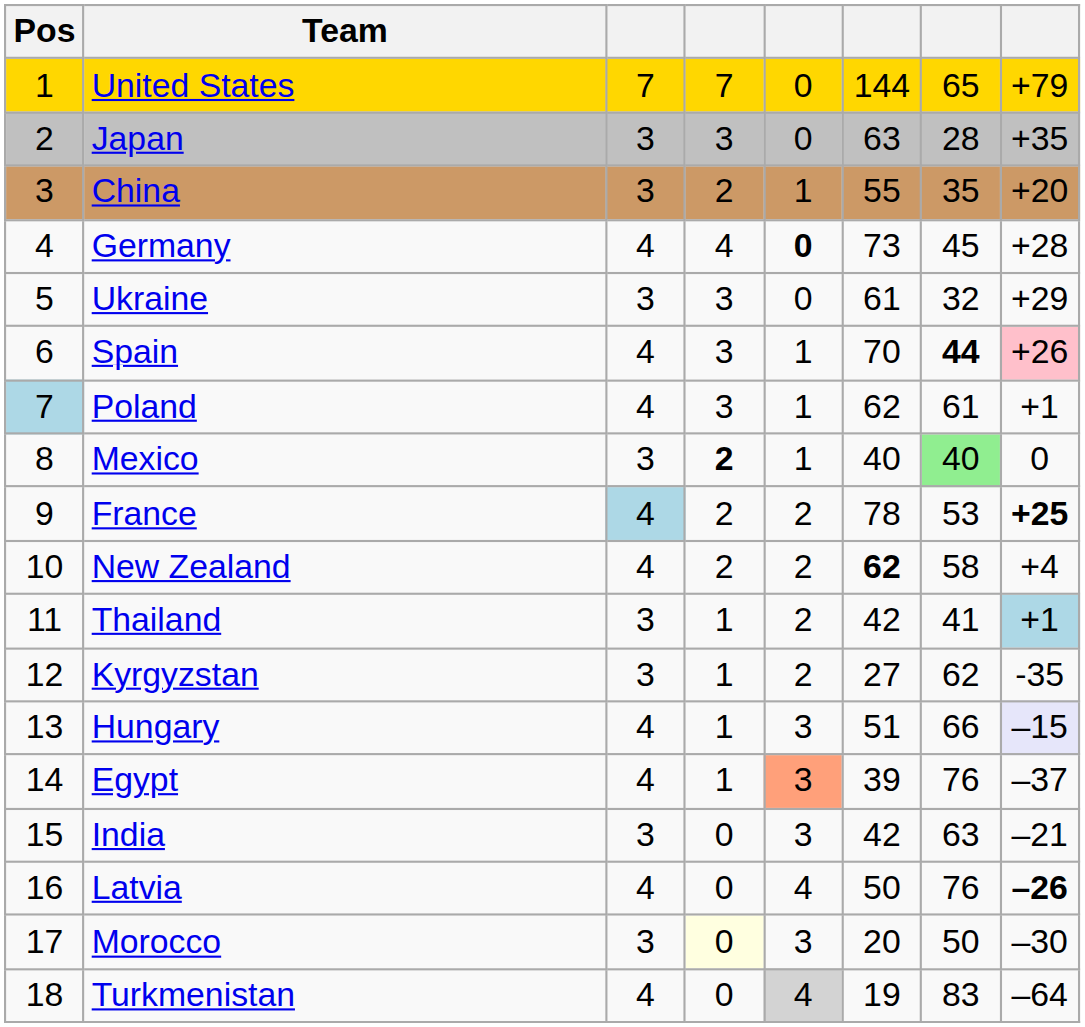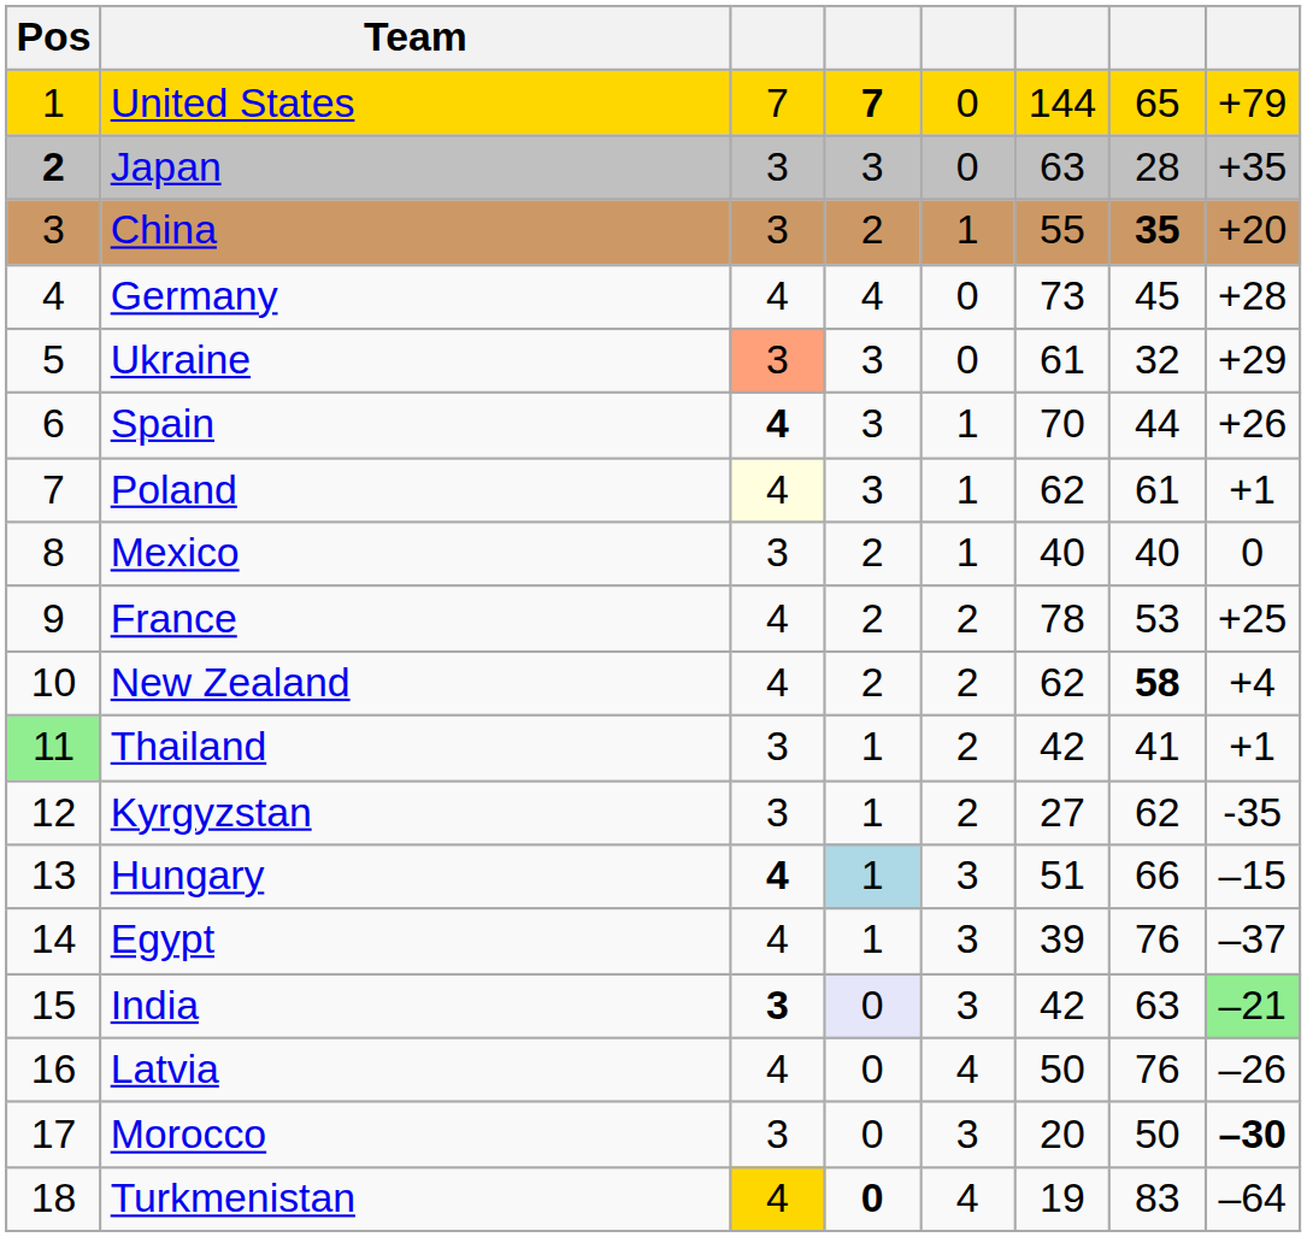 <table class="wikitable" style="text-align:center">
 <tr>
 <th width=30>Pos</th>
 <th ! width=240>Team</th>
 <th ! width=30></th>
 <th ! width=30></th>
 <th ! width=30></th>
 <th ! width=30></th>
 <th ! width=30></th>
 <th ! width=30></th>
 </tr>
 <tr bgcolor=gold>
 <td>1</td>
 <td align=left> <a href='#'>United States</a></td>
 <td>7</td>
-<td>7</td>
+<td><strong>7</strong></td>
 <td>0</td>
 <td>144</td>
 <td>65</td>
 <td>+79</td>
 </tr>
 <tr bgcolor=silver>
-<td>2</td>
+<td><strong>2</strong></td>
 <td align=left> <a href='#'>Japan</a></td>
 <td>3</td>
 <td>3</td>
 <td>0</td>
 <td>63</td>
 <td>28</td>
 <td>+35</td>
 </tr>
 <tr bgcolor=cc9966>
 <td>3</td>
 <td align=left> <a href='#'>China</a></td>
 <td>3</td>
 <td>2</td>
 <td>1</td>
 <td>55</td>
-<td>35</td>
+<td><strong>35</strong></td>
 <td>+20</td>
 </tr>
 <tr>
 <td>4</td>
 <td align=left> <a href='#'>Germany</a></td>
 <td>4</td>
 <td>4</td>
-<td><strong>0</strong></td>
+<td>0</td>
 <td>73</td>
 <td>45</td>
 <td>+28</td>
 </tr>
 <tr>
 <td>5</td>
 <td align=left> <a href='#'>Ukraine</a></td>
-<td>3</td>
+<td style="background: lightsalmon;">3</td>
 <td>3</td>
 <td>0</td>
 <td>61</td>
 <td>32</td>
 <td>+29</td>
 </tr>
 <tr>
 <td>6</td>
 <td align=left> <a href='#'>Spain</a></td>
-<td>4</td>
+<td><strong>4</strong></td>
 <td>3</td>
 <td>1</td>
 <td>70</td>
-<td><strong>44</strong></td>
-<td style="background: pink;">+26</td>
+<td>44</td>
+<td>+26</td>
 </tr>
 <tr>
-<td style="background: lightblue;">7</td>
+<td>7</td>
 <td align=left> <a href='#'>Poland</a></td>
-<td>4</td>
+<td style="background: lightyellow;">4</td>
 <td>3</td>
 <td>1</td>
 <td>62</td>
 <td>61</td>
 <td>+1</td>
 </tr>
 <tr>
 <td>8</td>
 <td align=left> <a href='#'>Mexico</a></td>
 <td>3</td>
-<td><strong>2</strong></td>
+<td>2</td>
 <td>1</td>
 <td>40</td>
-<td style="background: lightgreen;">40</td>
+<td>40</td>
 <td>0</td>
 </tr>
 <tr>
 <td>9</td>
 <td align=left> <a href='#'>France</a></td>
-<td style="background: lightblue;">4</td>
+<td>4</td>
 <td>2</td>
 <td>2</td>
 <td>78</td>
 <td>53</td>
-<td><strong>+25</strong></td>
+<td>+25</td>
 </tr>
 <tr>
 <td>10</td>
 <td align=left> <a href='#'>New Zealand</a></td>
 <td>4</td>
 <td>2</td>
 <td>2</td>
-<td><strong>62</strong></td>
-<td>58</td>
+<td>62</td>
+<td><strong>58</strong></td>
 <td>+4</td>
 </tr>
 <tr>
-<td>11</td>
+<td style="background: lightgreen;">11</td>
 <td align=left> <a href='#'>Thailand</a></td>
 <td>3</td>
 <td>1</td>
 <td>2</td>
 <td>42</td>
 <td>41</td>
-<td style="background: lightblue;">+1</td>
+<td>+1</td>
 </tr>
 <tr>
 <td>12</td>
 <td align=left> <a href='#'>Kyrgyzstan</a></td>
 <td>3</td>
 <td>1</td>
 <td>2</td>
 <td>27</td>
 <td>62</td>
 <td>-35</td>
 </tr>
 <tr>
 <td>13</td>
 <td align=left> <a href='#'>Hungary</a></td>
-<td>4</td>
-<td>1</td>
+<td><strong>4</strong></td>
+<td style="background: lightblue;">1</td>
 <td>3</td>
 <td>51</td>
 <td>66</td>
-<td style="background: lavender;">–15</td>
+<td>–15</td>
 </tr>
 <tr>
 <td>14</td>
 <td align=left> <a href='#'>Egypt</a></td>
 <td>4</td>
 <td>1</td>
-<td style="background: lightsalmon;">3</td>
+<td>3</td>
 <td>39</td>
 <td>76</td>
 <td>–37</td>
 </tr>
 <tr>
 <td>15</td>
 <td align=left> <a href='#'>India</a></td>
-<td>3</td>
-<td>0</td>
+<td><strong>3</strong></td>
+<td style="background: lavender;">0</td>
 <td>3</td>
 <td>42</td>
 <td>63</td>
-<td>–21</td>
+<td style="background: lightgreen;">–21</td>
 </tr>
 <tr>
 <td>16</td>
 <td align=left> <a href='#'>Latvia</a></td>
 <td>4</td>
 <td>0</td>
 <td>4</td>
 <td>50</td>
 <td>76</td>
-<td><strong>–26</strong></td>
+<td>–26</td>
 </tr>
 <tr>
 <td>17</td>
 <td align=left> <a href='#'>Morocco</a></td>
 <td>3</td>
-<td style="background: lightyellow;">0</td>
+<td>0</td>
 <td>3</td>
 <td>20</td>
 <td>50</td>
-<td>–30</td>
+<td><strong>–30</strong></td>
 </tr>
 <tr>
 <td>18</td>
 <td align=left> <a href='#'>Turkmenistan</a></td>
+<td style="background: gold;">4</td>
+<td><strong>0</strong></td>
 <td>4</td>
-<td>0</td>
-<td style="background: lightgrey;">4</td>
 <td>19</td>
 <td>83</td>
 <td>–64</td>
 </tr>
 <tr>
 </tr>
 </table>
